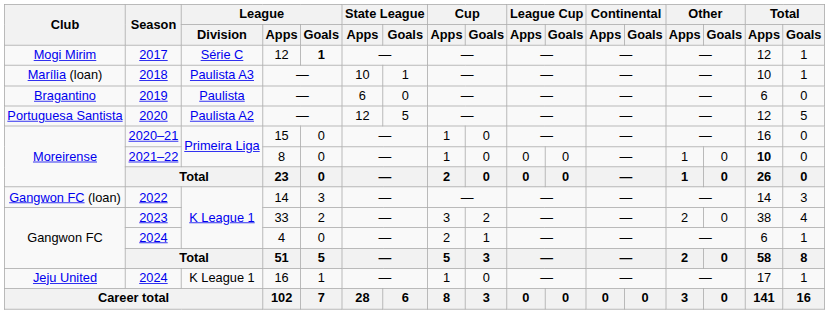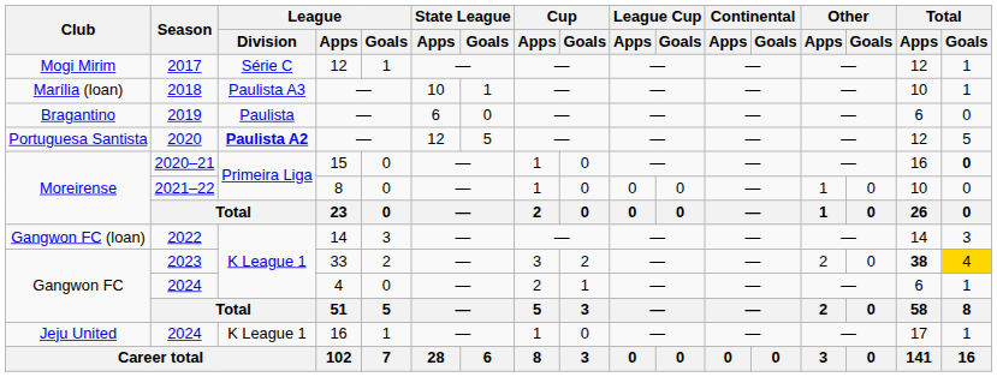 <table class="wikitable" style="text-align: center">
 <tr>
 <th rowspan="2">Club</th>
 <th rowspan="2">Season</th>
 <th colspan="3">League</th>
 <th colspan="2">State League</th>
 <th colspan="2">Cup</th>
 <th colspan="2">League Cup</th>
 <th colspan="2">Continental</th>
 <th colspan="2">Other</th>
 <th colspan="2">Total</th>
 </tr>
 <tr>
 <th>Division</th>
 <th>Apps</th>
 <th>Goals</th>
 <th>Apps</th>
 <th>Goals</th>
 <th>Apps</th>
 <th>Goals</th>
 <th>Apps</th>
 <th>Goals</th>
 <th>Apps</th>
 <th>Goals</th>
 <th>Apps</th>
 <th>Goals</th>
 <th>Apps</th>
 <th>Goals</th>
 </tr>
 <tr>
 <td><a href='#'>Mogi Mirim</a></td>
 <td><a href='#'>2017</a></td>
 <td><a href='#'>Série C</a></td>
 <td>12</td>
-<td><strong>1</strong></td>
+<td>1</td>
 <td colspan="2">—</td>
 <td colspan="2">—</td>
 <td colspan="2">—</td>
 <td colspan="2">—</td>
 <td colspan="2">—</td>
 <td>12</td>
 <td>1</td>
 </tr>
 <tr>
 <td><a href='#'>Marília</a> (loan)</td>
 <td><a href='#'>2018</a></td>
 <td><a href='#'>Paulista A3</a></td>
 <td colspan="2">—</td>
 <td>10</td>
 <td>1</td>
 <td colspan="2">—</td>
 <td colspan="2">—</td>
 <td colspan="2">—</td>
 <td colspan="2">—</td>
 <td>10</td>
 <td>1</td>
 </tr>
 <tr>
 <td><a href='#'>Bragantino</a></td>
 <td><a href='#'>2019</a></td>
 <td><a href='#'>Paulista</a></td>
 <td colspan="2">—</td>
 <td>6</td>
 <td>0</td>
 <td colspan="2">—</td>
 <td colspan="2">—</td>
 <td colspan="2">—</td>
 <td colspan="2">—</td>
 <td>6</td>
 <td>0</td>
 </tr>
 <tr>
 <td><a href='#'>Portuguesa Santista</a></td>
 <td><a href='#'>2020</a></td>
-<td><a href='#'>Paulista A2</a></td>
+<td><strong><a href='#'>Paulista A2</a></strong></td>
 <td colspan="2">—</td>
 <td>12</td>
 <td>5</td>
 <td colspan="2">—</td>
 <td colspan="2">—</td>
 <td colspan="2">—</td>
 <td colspan="2">—</td>
 <td>12</td>
 <td>5</td>
 </tr>
 <tr>
 <td rowspan="3"><a href='#'>Moreirense</a></td>
 <td><a href='#'>2020–21</a></td>
 <td rowspan="2"><a href='#'>Primeira Liga</a></td>
 <td>15</td>
 <td>0</td>
 <td colspan="2">—</td>
 <td>1</td>
 <td>0</td>
 <td colspan="2">—</td>
 <td colspan="2">—</td>
 <td colspan="2">—</td>
 <td>16</td>
-<td>0</td>
+<td><strong>0</strong></td>
 </tr>
 <tr>
 <td><a href='#'>2021–22</a></td>
 <td>8</td>
 <td>0</td>
 <td colspan="2">—</td>
 <td>1</td>
 <td>0</td>
 <td>0</td>
 <td>0</td>
 <td colspan="2">—</td>
 <td>1</td>
 <td>0</td>
-<td><strong>10</strong></td>
+<td>10</td>
 <td>0</td>
 </tr>
 <tr>
 <th colspan="2">Total</th>
 <th>23</th>
 <th>0</th>
 <th colspan="2">—</th>
 <th>2</th>
 <th>0</th>
 <th>0</th>
 <th>0</th>
 <th colspan="2">—</th>
 <th>1</th>
 <th>0</th>
 <th>26</th>
 <th>0</th>
 </tr>
 <tr>
 <td><a href='#'>Gangwon FC</a> (loan)</td>
 <td><a href='#'>2022</a></td>
 <td rowspan="3"><a href='#'>K League 1</a></td>
 <td>14</td>
 <td>3</td>
 <td colspan="2">—</td>
 <td colspan="2">—</td>
 <td colspan="2">—</td>
 <td colspan="2">—</td>
 <td colspan="2">—</td>
 <td>14</td>
 <td>3</td>
 </tr>
 <tr>
 <td rowspan="3">Gangwon FC</td>
 <td><a href='#'>2023</a></td>
 <td>33</td>
 <td>2</td>
 <td colspan="2">—</td>
 <td>3</td>
 <td>2</td>
 <td colspan="2">—</td>
 <td colspan="2">—</td>
 <td>2</td>
 <td>0</td>
-<td>38</td>
-<td>4</td>
+<td><strong>38</strong></td>
+<td style="background: gold;">4</td>
 </tr>
 <tr>
 <td><a href='#'>2024</a></td>
 <td>4</td>
 <td>0</td>
 <td colspan="2">—</td>
 <td>2</td>
 <td>1</td>
 <td colspan="2">—</td>
 <td colspan="2">—</td>
 <td colspan="2">—</td>
 <td>6</td>
 <td>1</td>
 </tr>
 <tr>
 <th colspan="2">Total</th>
 <th>51</th>
 <th>5</th>
 <th colspan="2">—</th>
 <th>5</th>
 <th>3</th>
 <th colspan="2">—</th>
 <th colspan="2">—</th>
 <th>2</th>
 <th>0</th>
 <th>58</th>
 <th>8</th>
 </tr>
 <tr>
 <td><a href='#'>Jeju United</a></td>
 <td><a href='#'>2024</a></td>
 <td>K League 1</td>
 <td>16</td>
 <td>1</td>
 <td colspan="2">—</td>
 <td>1</td>
 <td>0</td>
 <td colspan="2">—</td>
 <td colspan="2">—</td>
 <td colspan="2">—</td>
 <td>17</td>
 <td>1</td>
 </tr>
 <tr>
 <th colspan="3">Career total</th>
 <th>102</th>
 <th>7</th>
 <th>28</th>
 <th>6</th>
 <th>8</th>
 <th>3</th>
 <th>0</th>
 <th>0</th>
 <th>0</th>
 <th>0</th>
 <th>3</th>
 <th>0</th>
 <th>141</th>
 <th>16</th>
 </tr>
 </table>
